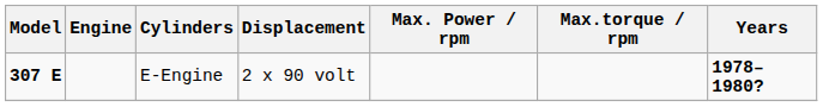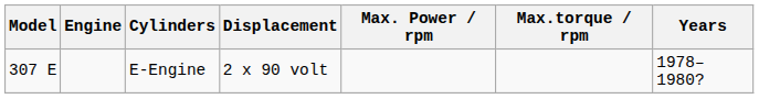 <table class="wikitable">
 <tr>
 <th>Model</th>
 <th>Engine</th>
 <th>Cylinders</th>
 <th>Displacement</th>
 <th>Max. Power / rpm</th>
 <th>Max.torque / rpm</th>
 <th>Years</th>
 </tr>
 <tr>
-<td><strong>307 E</strong></td>
+<td>307 E</td>
 <td></td>
 <td>E-Engine</td>
 <td>2 x 90 volt</td>
 <td></td>
 <td></td>
-<td><strong>1978–1980?</strong></td>
+<td>1978–1980?</td>
 </tr>
 <tr>
 </tr>
 </table>
